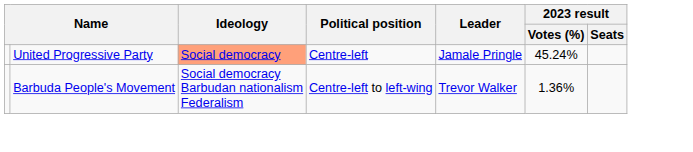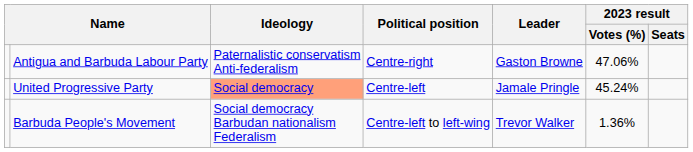 <table class="wikitable" style="text-align:left">
 <tr>
 <th colspan="2" rowspan="2">Name</th>
 <th rowspan="2">Ideology</th>
 <th rowspan="2">Political position</th>
 <th rowspan="2">Leader</th>
 <th colspan="2">2023 result</th>
 </tr>
 <tr>
 <th>Votes (%)</th>
 <th>Seats</th>
+</tr>
+<tr>
+<td style="background:"></td>
+<td><a href='#'>Antigua and Barbuda Labour Party</a></td>
+<td><a href='#'>Paternalistic conservatism</a><br><a href='#'>Anti-federalism</a></td>
+<td><a href='#'>Centre-right</a></td>
+<td><a href='#'>Gaston Browne</a></td>
+<td style="text-align:center">47.06%</td>
+<td></td>
 </tr>
 <tr>
 <td style="background:"></td>
 <td><a href='#'>United Progressive Party</a></td>
 <td style="background: lightsalmon;"><a href='#'>Social democracy</a></td>
 <td><a href='#'>Centre-left</a></td>
 <td><a href='#'>Jamale Pringle</a></td>
 <td style="text-align:center">45.24%</td>
 <td></td>
 </tr>
 <tr>
 <td style="background:"></td>
 <td><a href='#'>Barbuda People's Movement</a></td>
 <td><a href='#'>Social democracy</a><br><a href='#'>Barbudan nationalism</a><br><a href='#'>Federalism</a></td>
 <td><a href='#'>Centre-left</a> to <a href='#'>left-wing</a></td>
 <td><a href='#'>Trevor Walker</a></td>
 <td style="text-align:center">1.36%</td>
 <td></td>
 </tr>
 </table>
